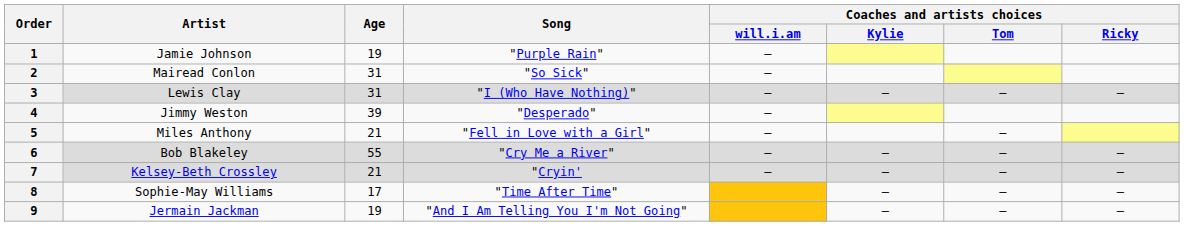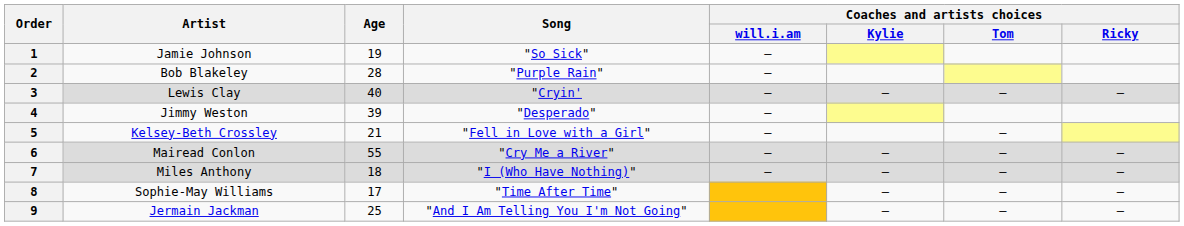 <table class="wikitable" style="text-align:center; width:100%;">
 <tr>
 <th scope="col" rowspan="2" style="width:05%;">Order</th>
 <th scope="col" rowspan="2" style="width:24%;">Artist</th>
 <th scope="col" rowspan="2" style="width:05%;">Age</th>
 <th scope="col" rowspan="2" style="width:26%;">Song</th>
 <th colspan="4" style="width:40%;">Coaches and artists choices</th>
 </tr>
 <tr>
 <th style="width:10%;"><a href='#'>will.i.am</a></th>
 <th style="width:10%;"><a href='#'>Kylie</a></th>
 <th style="width:10%;"><a href='#'>Tom</a></th>
 <th style="width:10%;"><a href='#'>Ricky</a></th>
 </tr>
 <tr>
 <th scope="col">1</th>
 <td>Jamie Johnson</td>
 <td>19</td>
-<td>"<a href='#'>Purple Rain</a>"</td>
+<td>"<a href='#'>So Sick</a>"</td>
 <td>—</td>
 <td style="background:#fdfc8f;text-align:center;"><strong></strong></td>
 <td><strong></strong></td>
 <td><strong></strong></td>
 </tr>
 <tr>
 <th scope="col">2</th>
-<td>Mairead Conlon</td>
-<td>31</td>
-<td>"<a href='#'>So Sick</a>"</td>
+<td>Bob Blakeley</td>
+<td>28</td>
+<td>"<a href='#'>Purple Rain</a>"</td>
 <td>—</td>
 <td><strong></strong></td>
 <td style="background:#fdfc8f;text-align:center;"><strong></strong></td>
 <td><strong></strong></td>
 </tr>
 <tr style="background:#DCDCDC">
 <th scope="col">3</th>
 <td>Lewis Clay</td>
-<td>31</td>
-<td>"<a href='#'>I (Who Have Nothing)</a>"</td>
+<td>40</td>
+<td>"<a href='#'>Cryin'</a></td>
 <td>—</td>
 <td>—</td>
 <td>—</td>
 <td>—</td>
 </tr>
 <tr>
 <th scope="col">4</th>
 <td>Jimmy Weston</td>
 <td>39</td>
 <td>"<a href='#'>Desperado</a>"</td>
 <td>—</td>
 <td style="background:#fdfc8f;text-align:center;"><strong></strong></td>
 <td><strong></strong></td>
 <td><strong></strong></td>
 </tr>
 <tr>
 <th scope="col">5</th>
-<td>Miles Anthony</td>
+<td><a href='#'>Kelsey-Beth Crossley</a></td>
 <td>21</td>
 <td>"<a href='#'>Fell in Love with a Girl</a>"</td>
 <td>—</td>
 <td><strong></strong></td>
 <td>—</td>
 <td style="background:#fdfc8f;text-align:center;"><strong></strong></td>
 </tr>
 <tr style="background:#DCDCDC">
 <th scope="col">6</th>
-<td>Bob Blakeley</td>
+<td>Mairead Conlon</td>
 <td>55</td>
 <td>"<a href='#'>Cry Me a River</a>"</td>
 <td>—</td>
 <td>—</td>
 <td>—</td>
 <td>—</td>
 </tr>
 <tr style="background:#DCDCDC">
 <th scope="col">7</th>
-<td><a href='#'>Kelsey-Beth Crossley</a></td>
-<td>21</td>
-<td>"<a href='#'>Cryin'</a></td>
+<td>Miles Anthony</td>
+<td>18</td>
+<td>"<a href='#'>I (Who Have Nothing)</a>"</td>
 <td>—</td>
 <td>—</td>
 <td>—</td>
 <td>—</td>
 </tr>
 <tr>
 <th scope="col">8</th>
 <td>Sophie-May Williams</td>
 <td>17</td>
 <td>"<a href='#'>Time After Time</a>"</td>
 <td style="background:#FFC40C;text-align:center;"><strong></strong></td>
 <td>—</td>
 <td>—</td>
 <td>—</td>
 </tr>
 <tr>
 <th scope="col">9</th>
 <td><a href='#'>Jermain Jackman</a></td>
-<td>19</td>
+<td>25</td>
 <td>"<a href='#'>And I Am Telling You I'm Not Going</a>"</td>
 <td style="background:#FFC40C;text-align:center;"><strong></strong></td>
 <td>—</td>
 <td>—</td>
 <td>—</td>
 </tr>
 </table>
